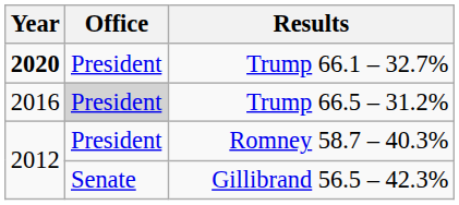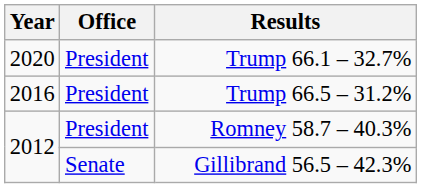 <table class=wikitable>
 <tr>
 <th width="30">Year</th>
 <th width="60">Office</th>
 <th width="180">Results</th>
 </tr>
 <tr>
-<td><strong>2020</strong></td>
+<td>2020</td>
 <td><a href='#'>President</a></td>
 <td align="right" ><a href='#'>Trump</a> 66.1 – 32.7%</td>
 </tr>
 <tr>
 <td>2016</td>
-<td style="background: lightgrey;"><a href='#'>President</a></td>
+<td><a href='#'>President</a></td>
 <td align="right" ><a href='#'>Trump</a> 66.5 – 31.2%</td>
 </tr>
 <tr>
 <td rowspan="2">2012</td>
 <td><a href='#'>President</a></td>
 <td align="right" ><a href='#'>Romney</a> 58.7 – 40.3%</td>
 </tr>
 <tr>
 <td><a href='#'>Senate</a></td>
 <td align="right" ><a href='#'>Gillibrand</a> 56.5 – 42.3%</td>
 </tr>
 </table>
